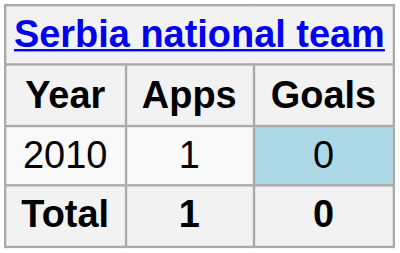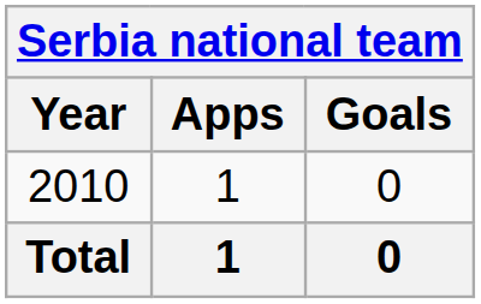 <table class="wikitable" style="text-align:center">
 <tr>
 <th colspan=3><a href='#'>Serbia national team</a></th>
 </tr>
 <tr>
 <th>Year</th>
 <th>Apps</th>
 <th>Goals</th>
 </tr>
 <tr>
 <td>2010</td>
 <td>1</td>
-<td style="background: lightblue;">0</td>
+<td>0</td>
 </tr>
 <tr>
 <th>Total</th>
 <th>1</th>
 <th>0</th>
 </tr>
 </table>
